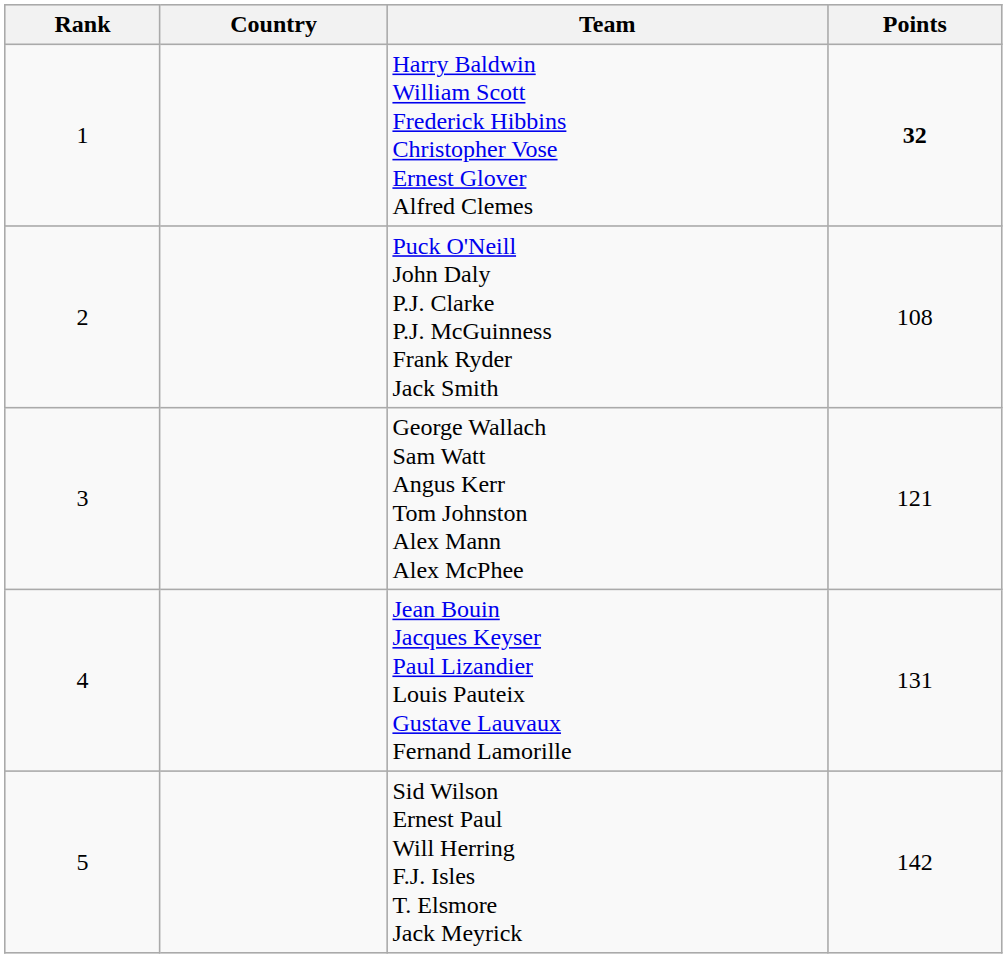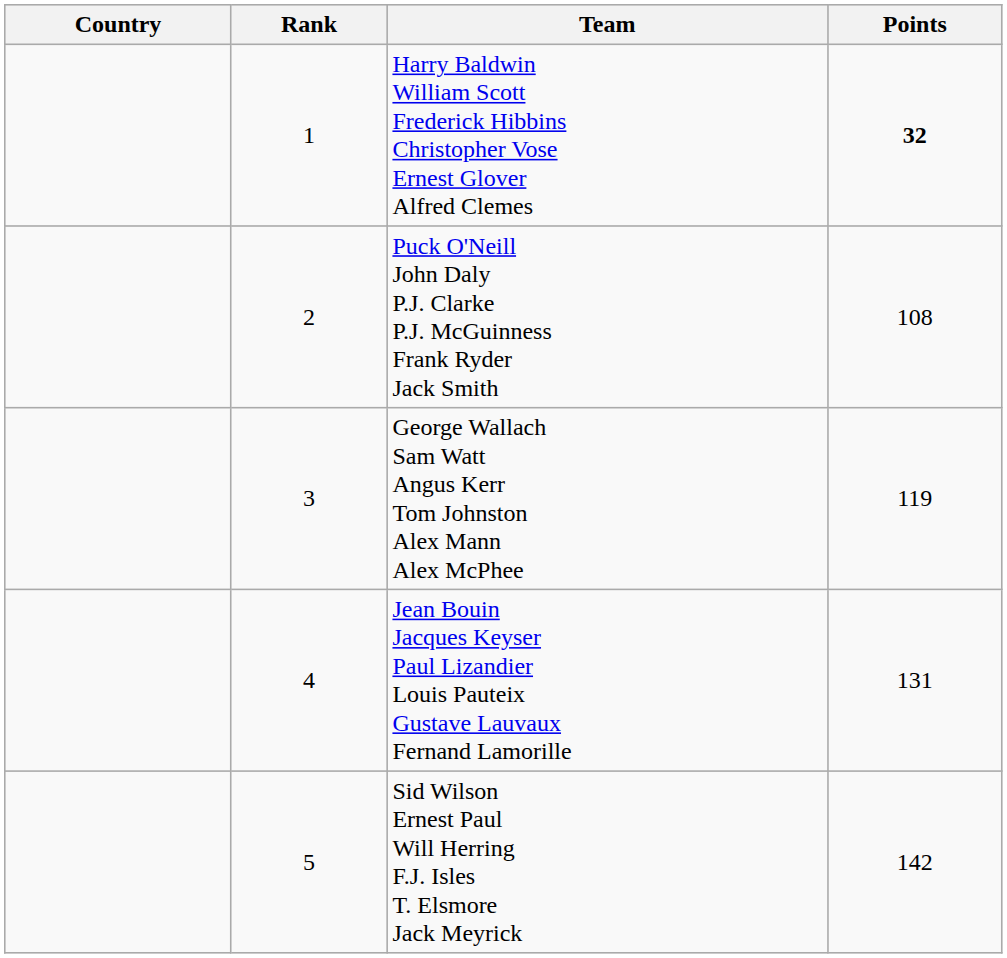 <table class="wikitable sortable" style=" text-align:center; font-size:95%;" width="50%">
 <tr>
+<th>Country</th>
 <th>Rank</th>
-<th>Country</th>
 <th>Team</th>
 <th>Points</th>
 </tr>
 <tr>
+<td align=left></td>
 <td align=center>1</td>
-<td align=left></td>
 <td align=left><a href='#'>Harry Baldwin</a><br><a href='#'>William Scott</a><br><a href='#'>Frederick Hibbins</a><br><a href='#'>Christopher Vose</a><br><a href='#'>Ernest Glover</a><br>Alfred Clemes</td>
 <td><strong>32</strong></td>
 </tr>
 <tr>
+<td align=left></td>
 <td align=center>2</td>
-<td align=left></td>
 <td align=left><a href='#'>Puck O'Neill</a><br>John Daly<br>P.J. Clarke<br>P.J. McGuinness<br>Frank Ryder<br>Jack Smith</td>
 <td>108</td>
 </tr>
 <tr>
+<td align=left></td>
 <td align=center>3</td>
-<td align=left></td>
 <td align=left>George Wallach<br>Sam Watt<br>Angus Kerr<br>Tom Johnston<br>Alex Mann<br>Alex McPhee</td>
-<td>121</td>
+<td>119</td>
 </tr>
 <tr>
+<td align=left></td>
 <td align=center>4</td>
-<td align=left></td>
 <td align=left><a href='#'>Jean Bouin</a><br><a href='#'>Jacques Keyser</a><br><a href='#'>Paul Lizandier</a><br>Louis Pauteix<br><a href='#'>Gustave Lauvaux</a><br>Fernand Lamorille</td>
 <td>131</td>
 </tr>
 <tr>
+<td align=left></td>
 <td align=center>5</td>
-<td align=left></td>
 <td align=left>Sid Wilson<br>Ernest Paul<br>Will Herring<br>F.J. Isles<br>T. Elsmore<br>Jack Meyrick</td>
 <td>142</td>
 </tr>
 </table>
